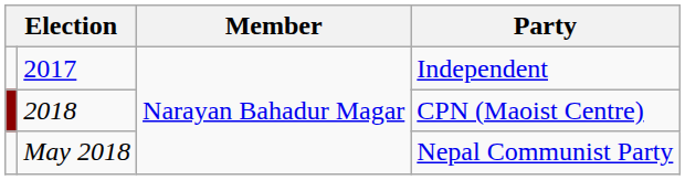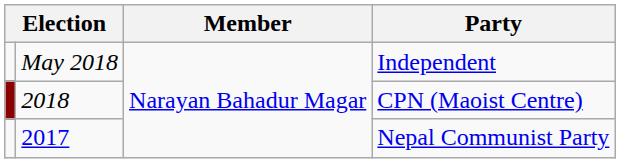 <table class="wikitable">
 <tr>
 <th colspan="2">Election</th>
 <th>Member</th>
 <th>Party</th>
 </tr>
 <tr>
 <td style="background-color:"></td>
-<td><a href='#'>2017</a></td>
+<td><em>May 2018</em></td>
 <td rowspan="3"><a href='#'>Narayan Bahadur Magar</a></td>
 <td><a href='#'>Independent</a></td>
 </tr>
 <tr>
 <td style="background-color:darkred"></td>
 <td><em>2018</em></td>
 <td><a href='#'>CPN (Maoist Centre)</a></td>
 </tr>
 <tr>
 <td style="background-color:"></td>
-<td><em>May 2018</em></td>
+<td><a href='#'>2017</a></td>
 <td><a href='#'>Nepal Communist Party</a></td>
 </tr>
 </table>
